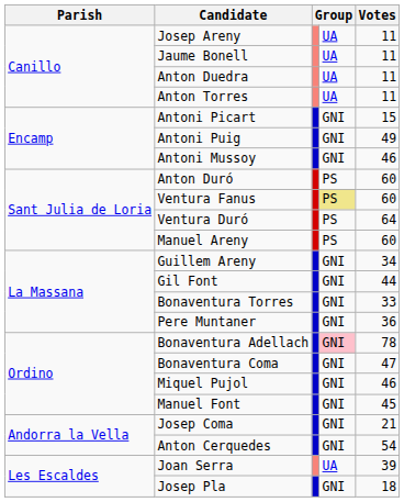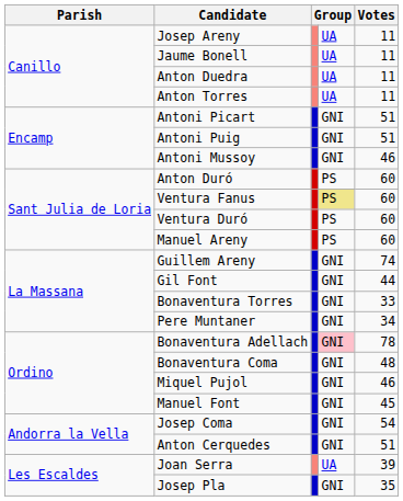 <table class=wikitable>
 <tr>
 <th>Parish</th>
 <th>Candidate</th>
 <th colspan=2>Group</th>
 <th>Votes</th>
 </tr>
 <tr>
 <td rowspan=4><a href='#'>Canillo</a></td>
 <td>Josep Areny</td>
 <td bgcolor=#f88379></td>
 <td><a href='#'>UA</a></td>
 <td align=right>11</td>
 </tr>
 <tr>
 <td>Jaume Bonell</td>
 <td bgcolor=#f88379></td>
 <td><a href='#'>UA</a></td>
 <td align=right>11</td>
 </tr>
 <tr>
 <td>Anton Duedra</td>
 <td bgcolor=#f88379></td>
 <td><a href='#'>UA</a></td>
 <td align=right>11</td>
 </tr>
 <tr>
 <td>Anton Torres</td>
 <td bgcolor=#f88379></td>
 <td><a href='#'>UA</a></td>
 <td align=right>11</td>
 </tr>
 <tr>
 <td rowspan=3><a href='#'>Encamp</a></td>
 <td>Antoni Picart</td>
 <td bgcolor=#0000c8></td>
 <td>GNI</td>
-<td align=right>15</td>
+<td align=right>51</td>
 </tr>
 <tr>
 <td>Antoni Puig</td>
 <td bgcolor=#0000c8></td>
 <td>GNI</td>
-<td align=right>49</td>
+<td align=right>51</td>
 </tr>
 <tr>
 <td>Antoni Mussoy</td>
 <td bgcolor=#0000c8></td>
 <td>GNI</td>
 <td align=right>46</td>
 </tr>
 <tr>
 <td rowspan=4><a href='#'>Sant Julia de Loria</a></td>
 <td>Anton Duró</td>
 <td style="background:#D40000"></td>
 <td>PS</td>
 <td align=right>60</td>
 </tr>
 <tr>
 <td>Ventura Fanus</td>
 <td style="background:#D40000"></td>
 <td style="background: khaki;">PS</td>
 <td align=right>60</td>
 </tr>
 <tr>
 <td>Ventura Duró</td>
 <td style="background:#D40000"></td>
 <td>PS</td>
-<td align=right>64</td>
+<td align=right>60</td>
 </tr>
 <tr>
 <td>Manuel Areny</td>
 <td style="background:#D40000"></td>
 <td>PS</td>
 <td align=right>60</td>
 </tr>
 <tr>
 <td rowspan=4><a href='#'>La Massana</a></td>
 <td>Guillem Areny</td>
 <td bgcolor=#0000c8></td>
 <td>GNI</td>
-<td align=right>34</td>
+<td align=right>74</td>
 </tr>
 <tr>
 <td>Gil Font</td>
 <td bgcolor=#0000c8></td>
 <td>GNI</td>
 <td align=right>44</td>
 </tr>
 <tr>
 <td>Bonaventura Torres</td>
 <td bgcolor=#0000c8></td>
 <td>GNI</td>
 <td align=right>33</td>
 </tr>
 <tr>
 <td>Pere Muntaner</td>
 <td bgcolor=#0000c8></td>
 <td>GNI</td>
-<td align=right>36</td>
+<td align=right>34</td>
 </tr>
 <tr>
 <td rowspan=4><a href='#'>Ordino</a></td>
 <td>Bonaventura Adellach</td>
 <td bgcolor=#0000c8></td>
 <td style="background: pink;">GNI</td>
 <td align=right>78</td>
 </tr>
 <tr>
 <td>Bonaventura Coma</td>
 <td bgcolor=#0000c8></td>
 <td>GNI</td>
-<td align=right>47</td>
+<td align=right>48</td>
 </tr>
 <tr>
 <td>Miquel Pujol</td>
 <td bgcolor=#0000c8></td>
 <td>GNI</td>
 <td align=right>46</td>
 </tr>
 <tr>
 <td>Manuel Font</td>
 <td bgcolor=#0000c8></td>
 <td>GNI</td>
 <td align=right>45</td>
 </tr>
 <tr>
 <td rowspan=2><a href='#'>Andorra la Vella</a> </td>
 <td>Josep Coma</td>
 <td bgcolor=#0000c8></td>
 <td>GNI</td>
-<td align=right>21</td>
+<td align=right>54</td>
 </tr>
 <tr>
 <td>Anton Cerquedes</td>
 <td bgcolor=#0000c8></td>
 <td>GNI</td>
-<td align=right>54</td>
+<td align=right>51</td>
 </tr>
 <tr>
 <td rowspan=2><a href='#'>Les Escaldes</a> </td>
 <td>Joan Serra</td>
 <td bgcolor=#f88379></td>
 <td><a href='#'>UA</a></td>
 <td align=right>39</td>
 </tr>
 <tr>
 <td>Josep Pla</td>
 <td bgcolor=#0000c8></td>
 <td>GNI</td>
-<td align=right>18</td>
+<td align=right>35</td>
 </tr>
 </table>
